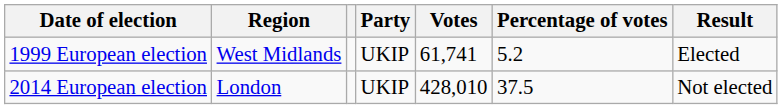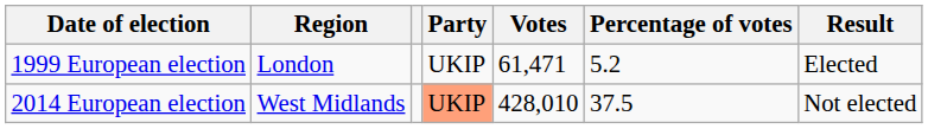 <table class="wikitable">
 <tr>
 <th>Date of election</th>
 <th>Region</th>
 <th></th>
 <th>Party</th>
 <th>Votes</th>
 <th>Percentage of votes</th>
 <th>Result</th>
 </tr>
 <tr>
 <td><a href='#'>1999 European election</a></td>
-<td><a href='#'>West Midlands</a></td>
+<td><a href='#'>London</a></td>
 <td style="background-color: "></td>
 <td>UKIP</td>
-<td>61,741</td>
+<td>61,471</td>
 <td>5.2</td>
 <td>Elected</td>
 </tr>
 <tr>
 <td><a href='#'>2014 European election</a></td>
-<td><a href='#'>London</a></td>
+<td><a href='#'>West Midlands</a></td>
 <td style="background-color: "></td>
-<td>UKIP</td>
+<td style="background: lightsalmon;">UKIP</td>
 <td>428,010</td>
 <td>37.5</td>
 <td>Not elected</td>
 </tr>
 </table>
